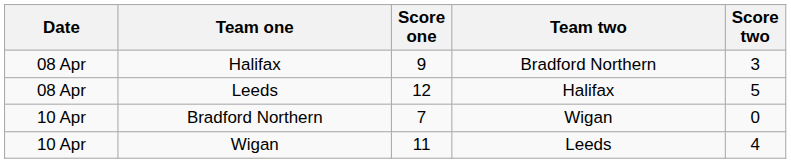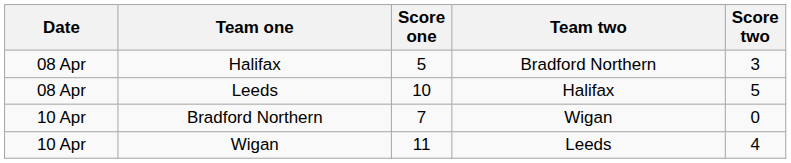 <table class="wikitable" style="text-align: center">
 <tr>
 <th width=100>Date</th>
 <th width=250>Team one</th>
 <th width=50>Score one</th>
 <th width=250>Team two</th>
 <th width=50>Score two</th>
 </tr>
 <tr>
 <td>08 Apr</td>
 <td>Halifax</td>
-<td>9</td>
+<td>5</td>
 <td>Bradford Northern</td>
 <td>3</td>
 </tr>
 <tr>
 <td>08 Apr</td>
 <td>Leeds</td>
-<td>12</td>
+<td>10</td>
 <td>Halifax</td>
 <td>5</td>
 </tr>
 <tr>
 <td>10 Apr</td>
 <td>Bradford Northern</td>
 <td>7</td>
 <td>Wigan</td>
 <td>0</td>
 </tr>
 <tr>
 <td>10 Apr</td>
 <td>Wigan</td>
 <td>11</td>
 <td>Leeds</td>
 <td>4</td>
 </tr>
 </table>
